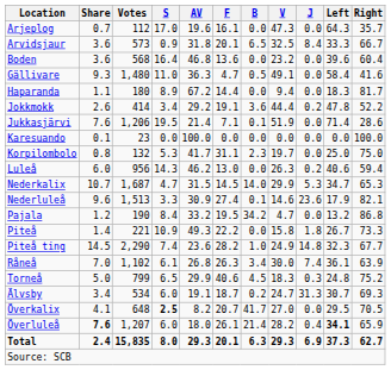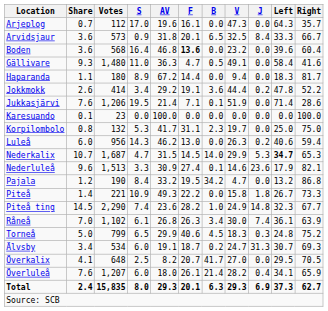 <table class="wikitable sortable" style=text-align:right>
 <tr>
 <th>Location</th>
 <th>Share</th>
 <th>Votes</th>
 <th><a href='#'>S</a></th>
 <th><a href='#'>AV</a></th>
 <th><a href='#'>F</a></th>
 <th><a href='#'>B</a></th>
 <th><a href='#'>V</a></th>
 <th><a href='#'>J</a></th>
 <th>Left</th>
 <th>Right</th>
 </tr>
 <tr>
 <td align=left><a href='#'>Arjeplog</a></td>
 <td>0.7</td>
 <td>112</td>
 <td>17.0</td>
 <td>19.6</td>
 <td>16.1</td>
 <td>0.0</td>
 <td>47.3</td>
 <td>0.0</td>
 <td>64.3</td>
 <td>35.7</td>
 </tr>
 <tr>
 <td align=left><a href='#'>Arvidsjaur</a></td>
 <td>3.6</td>
 <td>573</td>
 <td>0.9</td>
 <td>31.8</td>
 <td>20.1</td>
 <td>6.5</td>
 <td>32.5</td>
 <td>8.4</td>
 <td>33.3</td>
 <td>66.7</td>
 </tr>
 <tr>
 <td align=left><a href='#'>Boden</a></td>
 <td>3.6</td>
 <td>568</td>
 <td>16.4</td>
 <td>46.8</td>
-<td>13.6</td>
+<td><strong>13.6</strong></td>
 <td>0.0</td>
 <td>23.2</td>
 <td>0.0</td>
 <td>39.6</td>
 <td>60.4</td>
 </tr>
 <tr>
 <td align=left><a href='#'>Gällivare</a></td>
 <td>9.3</td>
 <td>1,480</td>
 <td>11.0</td>
 <td>36.3</td>
 <td>4.7</td>
 <td>0.5</td>
 <td>49.1</td>
 <td>0.0</td>
 <td>58.4</td>
 <td>41.6</td>
 </tr>
 <tr>
 <td align=left><a href='#'>Haparanda</a></td>
 <td>1.1</td>
 <td>180</td>
 <td>8.9</td>
 <td>67.2</td>
 <td>14.4</td>
 <td>0.0</td>
 <td>9.4</td>
 <td>0.0</td>
 <td>18.3</td>
 <td>81.7</td>
 </tr>
 <tr>
 <td align=left><a href='#'>Jokkmokk</a></td>
 <td>2.6</td>
 <td>414</td>
 <td>3.4</td>
 <td>29.2</td>
 <td>19.1</td>
 <td>3.6</td>
 <td>44.4</td>
 <td>0.2</td>
 <td>47.8</td>
 <td>52.2</td>
 </tr>
 <tr>
 <td align=left><a href='#'>Jukkasjärvi</a></td>
 <td>7.6</td>
 <td>1,206</td>
 <td>19.5</td>
 <td>21.4</td>
 <td>7.1</td>
 <td>0.1</td>
 <td>51.9</td>
 <td>0.0</td>
 <td>71.4</td>
 <td>28.6</td>
 </tr>
 <tr>
 <td align=left><a href='#'>Karesuando</a></td>
 <td>0.1</td>
 <td>23</td>
 <td>0.0</td>
 <td>100.0</td>
 <td>0.0</td>
 <td>0.0</td>
 <td>0.0</td>
 <td>0.0</td>
 <td>0.0</td>
 <td>100.0</td>
 </tr>
 <tr>
 <td align=left><a href='#'>Korpilombolo</a></td>
 <td>0.8</td>
 <td>132</td>
 <td>5.3</td>
 <td>41.7</td>
 <td>31.1</td>
 <td>2.3</td>
 <td>19.7</td>
 <td>0.0</td>
 <td>25.0</td>
 <td>75.0</td>
 </tr>
 <tr>
 <td align=left><a href='#'>Luleå</a></td>
 <td>6.0</td>
 <td>956</td>
 <td>14.3</td>
 <td>46.2</td>
 <td>13.0</td>
 <td>0.0</td>
 <td>26.3</td>
 <td>0.2</td>
 <td>40.6</td>
 <td>59.4</td>
 </tr>
 <tr>
 <td align=left><a href='#'>Nederkalix</a></td>
 <td>10.7</td>
 <td>1,687</td>
 <td>4.7</td>
 <td>31.5</td>
 <td>14.5</td>
 <td>14.0</td>
 <td>29.9</td>
 <td>5.3</td>
-<td>34.7</td>
+<td><strong>34.7</strong></td>
 <td>65.3</td>
 </tr>
 <tr>
 <td align=left><a href='#'>Nederluleå</a></td>
 <td>9.6</td>
 <td>1,513</td>
 <td>3.3</td>
 <td>30.9</td>
 <td>27.4</td>
 <td>0.1</td>
 <td>14.6</td>
 <td>23.6</td>
 <td>17.9</td>
 <td>82.1</td>
 </tr>
 <tr>
 <td align=left><a href='#'>Pajala</a></td>
 <td>1.2</td>
 <td>190</td>
 <td>8.4</td>
 <td>33.2</td>
 <td>19.5</td>
 <td>34.2</td>
 <td>4.7</td>
 <td>0.0</td>
 <td>13.2</td>
 <td>86.8</td>
 </tr>
 <tr>
 <td align=left><a href='#'>Piteå</a></td>
 <td>1.4</td>
 <td>221</td>
 <td>10.9</td>
 <td>49.3</td>
 <td>22.2</td>
 <td>0.0</td>
 <td>15.8</td>
 <td>1.8</td>
 <td>26.7</td>
 <td>73.3</td>
 </tr>
 <tr>
 <td align=left><a href='#'>Piteå ting</a></td>
 <td>14.5</td>
 <td>2,290</td>
 <td>7.4</td>
 <td>23.6</td>
 <td>28.2</td>
 <td>1.0</td>
 <td>24.9</td>
 <td>14.8</td>
 <td>32.3</td>
 <td>67.7</td>
 </tr>
 <tr>
 <td align=left><a href='#'>Råneå</a></td>
 <td>7.0</td>
 <td>1,102</td>
 <td>6.1</td>
 <td>26.8</td>
 <td>26.3</td>
 <td>3.4</td>
 <td>30.0</td>
 <td>7.4</td>
 <td>36.1</td>
 <td>63.9</td>
 </tr>
 <tr>
 <td align=left><a href='#'>Torneå</a></td>
 <td>5.0</td>
 <td>799</td>
 <td>6.5</td>
 <td>29.9</td>
 <td>40.6</td>
 <td>4.5</td>
 <td>18.3</td>
 <td>0.3</td>
 <td>24.8</td>
 <td>75.2</td>
 </tr>
 <tr>
 <td align=left><a href='#'>Älvsby</a></td>
 <td>3.4</td>
 <td>534</td>
 <td>6.0</td>
 <td>19.1</td>
 <td>18.7</td>
 <td>0.2</td>
 <td>24.7</td>
 <td>31.3</td>
 <td>30.7</td>
 <td>69.3</td>
 </tr>
 <tr>
 <td align=left><a href='#'>Överkalix</a></td>
 <td>4.1</td>
 <td>648</td>
-<td><strong>2.5</strong></td>
+<td>2.5</td>
 <td>8.2</td>
 <td>20.7</td>
 <td>41.7</td>
 <td>27.0</td>
 <td>0.0</td>
 <td>29.5</td>
 <td>70.5</td>
 </tr>
 <tr>
 <td align=left><a href='#'>Överluleå</a></td>
-<td><strong>7.6</strong></td>
+<td>7.6</td>
 <td>1,207</td>
 <td>6.0</td>
 <td>18.0</td>
 <td>26.1</td>
 <td>21.4</td>
 <td>28.2</td>
 <td>0.4</td>
-<td><strong>34.1</strong></td>
+<td>34.1</td>
 <td>65.9</td>
 </tr>
 <tr>
 <td align=left><strong>Total</strong></td>
 <td><strong>2.4</strong></td>
 <td><strong>15,835</strong></td>
 <td><strong>8.0</strong></td>
 <td><strong>29.3</strong></td>
 <td><strong>20.1</strong></td>
 <td><strong>6.3</strong></td>
 <td><strong>29.3</strong></td>
 <td><strong>6.9</strong></td>
 <td><strong>37.3</strong></td>
 <td><strong>62.7</strong></td>
 </tr>
 <tr>
 <td align=left colspan=11>Source: SCB </td>
 </tr>
 </table>
